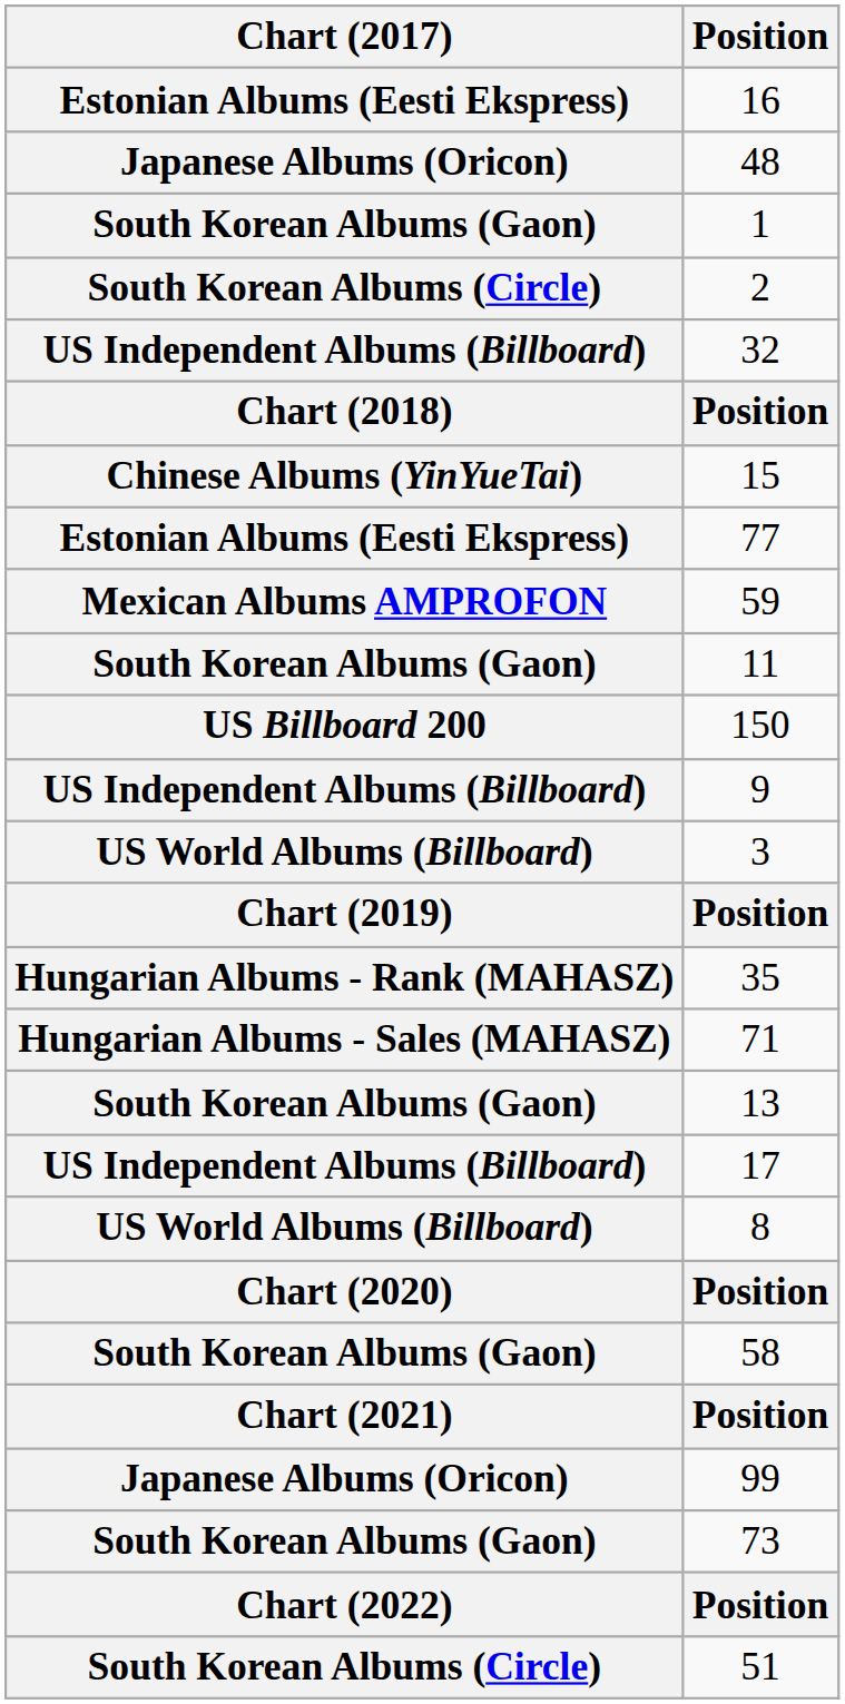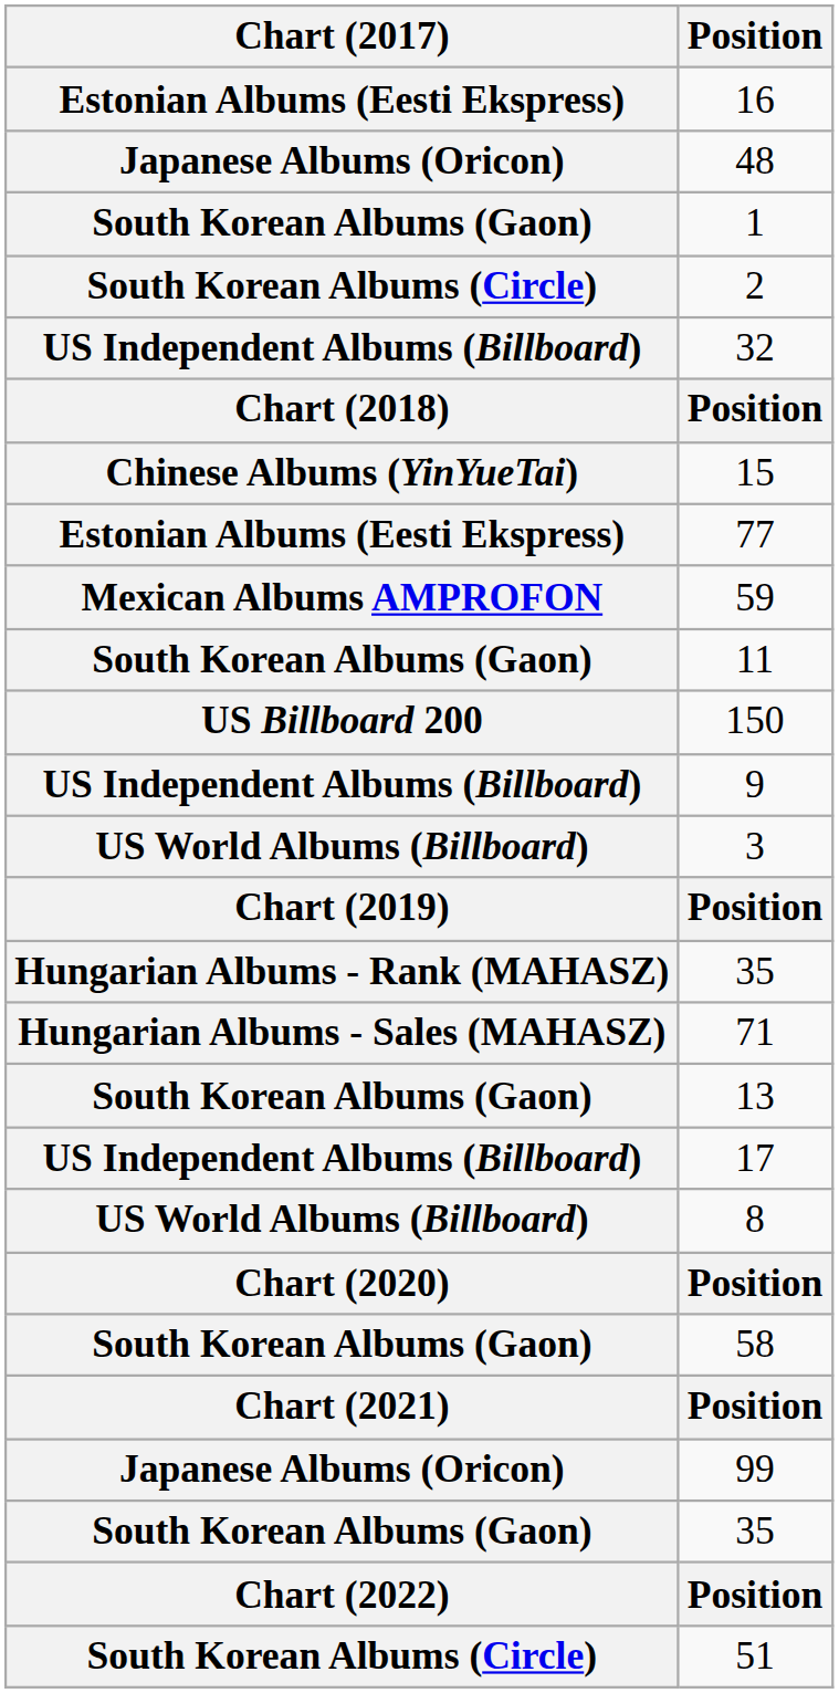 <table class="wikitable sortable plainrowheaders" style="text-align:center">
 <tr>
 <th>Chart (2017)</th>
 <th>Position</th>
 </tr>
 <tr>
 <th scope="row">Estonian Albums (Eesti Ekspress)</th>
 <td>16</td>
 </tr>
 <tr>
 <th scope="row">Japanese Albums (Oricon)</th>
 <td>48</td>
 </tr>
 <tr>
 <th scope="row">South Korean Albums (Gaon)</th>
 <td>1</td>
 </tr>
 <tr>
 <th scope="row">South Korean Albums (<a href='#'>Circle</a>)</th>
 <td>2</td>
 </tr>
 <tr>
 <th scope="row">US Independent Albums (<em>Billboard</em>)</th>
 <td>32</td>
 </tr>
 <tr>
 <th scope="col">Chart (2018)</th>
 <th scope="col">Position</th>
 </tr>
 <tr>
 <th scope="row">Chinese Albums (<em>YinYueTai</em>)</th>
 <td>15</td>
 </tr>
 <tr>
 <th scope="row">Estonian Albums (Eesti Ekspress)</th>
 <td>77</td>
 </tr>
 <tr>
 <th scope="row">Mexican Albums <a href='#'>AMPROFON</a></th>
 <td>59</td>
 </tr>
 <tr>
 <th scope="row">South Korean Albums (Gaon)</th>
 <td>11</td>
 </tr>
 <tr>
 <th scope="row">US <em>Billboard</em> 200</th>
 <td>150</td>
 </tr>
 <tr>
 <th scope="row">US Independent Albums (<em>Billboard</em>)</th>
 <td>9</td>
 </tr>
 <tr>
 <th scope="row">US World Albums (<em>Billboard</em>)</th>
 <td>3</td>
 </tr>
 <tr>
 <th scope="col">Chart (2019)</th>
 <th scope="col">Position</th>
 </tr>
 <tr>
 <th scope="row">Hungarian Albums - Rank (MAHASZ)</th>
 <td>35</td>
 </tr>
 <tr>
 <th scope="row">Hungarian Albums - Sales (MAHASZ)</th>
 <td>71</td>
 </tr>
 <tr>
 <th scope="row">South Korean Albums (Gaon)</th>
 <td>13</td>
 </tr>
 <tr>
 <th scope="row">US Independent Albums (<em>Billboard</em>)</th>
 <td>17</td>
 </tr>
 <tr>
 <th scope="row">US World Albums (<em>Billboard</em>)</th>
 <td>8</td>
 </tr>
 <tr>
 <th scope="col">Chart (2020)</th>
 <th scope="col">Position</th>
 </tr>
 <tr>
 <th scope="row">South Korean Albums (Gaon)</th>
 <td>58</td>
 </tr>
 <tr>
 <th scope="col">Chart (2021)</th>
 <th scope="col">Position</th>
 </tr>
 <tr>
 <th scope="row">Japanese Albums (Oricon)</th>
 <td>99</td>
 </tr>
 <tr>
 <th scope="row">South Korean Albums (Gaon)</th>
-<td>73</td>
+<td>35</td>
 </tr>
 <tr>
 <th scope="col">Chart (2022)</th>
 <th scope="col">Position</th>
 </tr>
 <tr>
 <th scope="row">South Korean Albums (<a href='#'>Circle</a>)</th>
 <td>51</td>
 </tr>
 </table>
